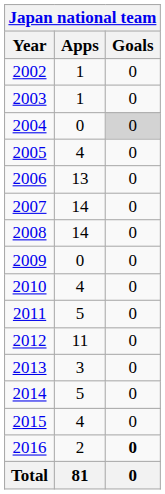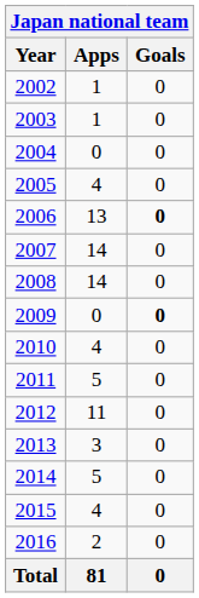 <table class="wikitable" style="text-align:center">
 <tr>
 <th colspan=3><a href='#'>Japan national team</a></th>
 </tr>
 <tr>
 <th>Year</th>
 <th>Apps</th>
 <th>Goals</th>
 </tr>
 <tr>
 <td><a href='#'>2002</a></td>
 <td>1</td>
 <td>0</td>
 </tr>
 <tr>
 <td><a href='#'>2003</a></td>
 <td>1</td>
 <td>0</td>
 </tr>
 <tr>
 <td><a href='#'>2004</a></td>
 <td>0</td>
-<td style="background: lightgrey;">0</td>
+<td>0</td>
 </tr>
 <tr>
 <td><a href='#'>2005</a></td>
 <td>4</td>
 <td>0</td>
 </tr>
 <tr>
 <td><a href='#'>2006</a></td>
 <td>13</td>
-<td>0</td>
+<td><strong>0</strong></td>
 </tr>
 <tr>
 <td><a href='#'>2007</a></td>
 <td>14</td>
 <td>0</td>
 </tr>
 <tr>
 <td><a href='#'>2008</a></td>
 <td>14</td>
 <td>0</td>
 </tr>
 <tr>
 <td><a href='#'>2009</a></td>
 <td>0</td>
-<td>0</td>
+<td><strong>0</strong></td>
 </tr>
 <tr>
 <td><a href='#'>2010</a></td>
 <td>4</td>
 <td>0</td>
 </tr>
 <tr>
 <td><a href='#'>2011</a></td>
 <td>5</td>
 <td>0</td>
 </tr>
 <tr>
 <td><a href='#'>2012</a></td>
 <td>11</td>
 <td>0</td>
 </tr>
 <tr>
 <td><a href='#'>2013</a></td>
 <td>3</td>
 <td>0</td>
 </tr>
 <tr>
 <td><a href='#'>2014</a></td>
 <td>5</td>
 <td>0</td>
 </tr>
 <tr>
 <td><a href='#'>2015</a></td>
 <td>4</td>
 <td>0</td>
 </tr>
 <tr>
 <td><a href='#'>2016</a></td>
 <td>2</td>
-<td><strong>0</strong></td>
+<td>0</td>
 </tr>
 <tr>
 <th>Total</th>
 <th>81</th>
 <th>0</th>
 </tr>
 </table>
